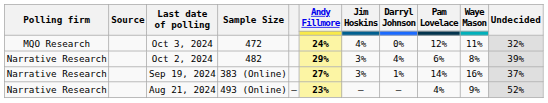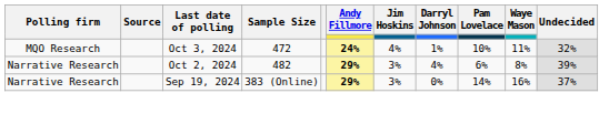 <table class="wikitable sortable tpl-blanktable" style="text-align:center; line-height:14px; font-size:90%;">
 <tr>
 <th rowspan="2">Polling firm</th>
 <th rowspan="2" class="unsortable">Source</th>
 <th rowspan="2">Last date<br>of polling</th>
 <th rowspan="2" class="unsortable">Sample Size</th>
 <th rowspan="2"></th>
 <th style="width:25px;letter-spacing:-1px;"><a href='#'>Andy Fillmore</a></th>
 <th style="width:25px;letter-spacing:-1px;">Jim Hoskins</th>
 <th style="width:25px;letter-spacing:-1px;">Darryl Johnson</th>
 <th style="width:25px;letter-spacing:-1px;">Pam Lovelace</th>
 <th style="width:25px;letter-spacing:-1px;">Waye Mason</th>
 <th rowspan="2" style="width:25px;">Undecided</th>
 </tr>
 <tr class="sorttop">
 <th style="background:#f9ea48;"></th>
 <th style="background:#006091;"></th>
 <th style="background:#1a6aff;"></th>
 <th style="background:#03354f;"></th>
 <th style="background:#00b1bb;"></th>
 </tr>
 <tr>
 <td>MQO Research</td>
 <td></td>
 <td>Oct 3, 2024</td>
 <td>472</td>
 <td></td>
 <td style="background-color:#FCF5A4;"><strong>24%</strong></td>
 <td>4%</td>
-<td>0%</td>
-<td>12%</td>
+<td>1%</td>
+<td>10%</td>
 <td>11%</td>
 <td style="background-color:#dfdfdf;">32%</td>
 </tr>
 <tr>
 <td>Narrative Research</td>
 <td></td>
 <td>Oct 2, 2024</td>
 <td>482</td>
 <td></td>
 <td style="background-color:#FCF5A4;"><strong>29%</strong></td>
 <td>3%</td>
 <td>4%</td>
 <td>6%</td>
 <td>8%</td>
 <td style="background-color:#dfdfdf;">39%</td>
 </tr>
 <tr>
 <td>Narrative Research</td>
 <td></td>
 <td>Sep 19, 2024</td>
 <td>383 (Online)</td>
 <td></td>
-<td style="background-color:#FCF5A4;"><strong>27%</strong></td>
+<td style="background-color:#FCF5A4;"><strong>29%</strong></td>
 <td>3%</td>
-<td>1%</td>
+<td>0%</td>
 <td>14%</td>
 <td>16%</td>
 <td style="background-color:#dfdfdf;">37%</td>
 </tr>
-<tr>
-<td>Narrative Research</td>
-<td></td>
-<td>Aug 21, 2024</td>
-<td>493 (Online)</td>
-<td>–</td>
-<td style="background-color:#FCF5A4;"><strong>23%</strong></td>
-<td>–</td>
-<td>–</td>
-<td>4%</td>
-<td>9%</td>
-<td style="background-color:#dfdfdf;">52%</td>
-</tr>
 </table>
